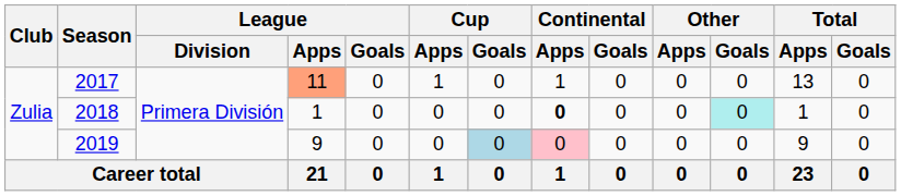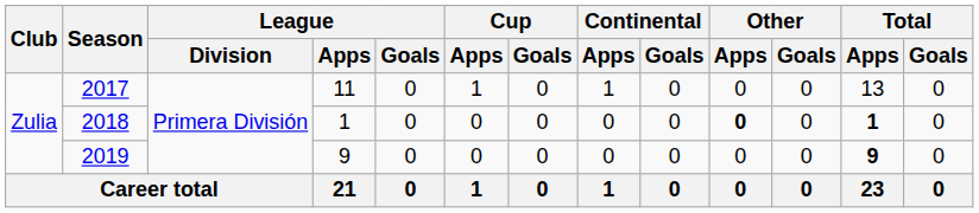 <table class="wikitable" style="text-align: center">
 <tr>
 <th rowspan="2">Club</th>
 <th rowspan="2">Season</th>
 <th colspan="3">League</th>
 <th colspan="2">Cup</th>
 <th colspan="2">Continental</th>
 <th colspan="2">Other</th>
 <th colspan="2">Total</th>
 </tr>
 <tr>
 <th>Division</th>
 <th>Apps</th>
 <th>Goals</th>
 <th>Apps</th>
 <th>Goals</th>
 <th>Apps</th>
 <th>Goals</th>
 <th>Apps</th>
 <th>Goals</th>
 <th>Apps</th>
 <th>Goals</th>
 </tr>
 <tr>
 <td rowspan="3"><a href='#'>Zulia</a></td>
 <td><a href='#'>2017</a></td>
 <td rowspan="3"><a href='#'>Primera División</a></td>
-<td style="background: lightsalmon;">11</td>
+<td>11</td>
 <td>0</td>
 <td>1</td>
 <td>0</td>
 <td>1</td>
 <td>0</td>
 <td>0</td>
 <td>0</td>
 <td>13</td>
 <td>0</td>
 </tr>
 <tr>
 <td><a href='#'>2018</a></td>
 <td>1</td>
 <td>0</td>
 <td>0</td>
 <td>0</td>
+<td>0</td>
+<td>0</td>
 <td><strong>0</strong></td>
 <td>0</td>
-<td>0</td>
-<td style="background: paleturquoise;">0</td>
-<td>1</td>
+<td><strong>1</strong></td>
 <td>0</td>
 </tr>
 <tr>
 <td><a href='#'>2019</a></td>
 <td>9</td>
 <td>0</td>
 <td>0</td>
-<td style="background: lightblue;">0</td>
-<td style="background: pink;">0</td>
 <td>0</td>
 <td>0</td>
 <td>0</td>
-<td>9</td>
+<td>0</td>
+<td>0</td>
+<td><strong>9</strong></td>
 <td>0</td>
 </tr>
 <tr>
 <th colspan="3"><strong>Career total</strong></th>
 <th>21</th>
 <th>0</th>
 <th>1</th>
 <th>0</th>
 <th>1</th>
 <th>0</th>
 <th>0</th>
 <th>0</th>
 <th>23</th>
 <th>0</th>
 </tr>
 </table>
